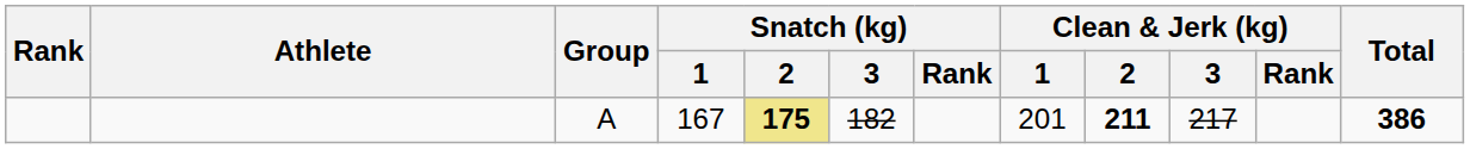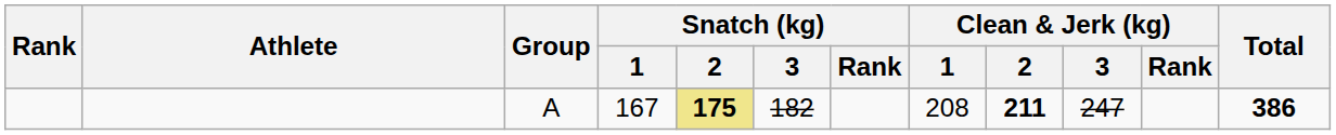 <table class = "wikitable" style="text-align:center;">
 <tr>
 <th rowspan=2 width=40>Rank</th>
 <th rowspan=2 width=250>Athlete</th>
 <th rowspan=2 width=50>Group</th>
 <th colspan=4>Snatch (kg)</th>
 <th colspan=4>Clean & Jerk (kg)</th>
 <th rowspan=2 width=60>Total</th>
 </tr>
 <tr>
 <th width=40>1</th>
 <th width=40>2</th>
 <th width=40>3</th>
 <th width=40>Rank</th>
 <th width=40>1</th>
 <th width=40>2</th>
 <th width=40>3</th>
 <th width=40>Rank</th>
 </tr>
 <tr>
 <td></td>
 <td align=left></td>
 <td>A</td>
 <td>167</td>
 <td style="background: khaki;"><strong>175</strong></td>
 <td><s>182</s></td>
 <td></td>
-<td>201</td>
+<td>208</td>
 <td><strong>211</strong></td>
-<td><s>217</s></td>
+<td><s>247</s></td>
 <td></td>
 <td><strong>386</strong></td>
 </tr>
 </table>
